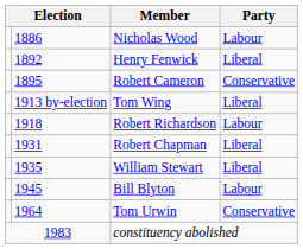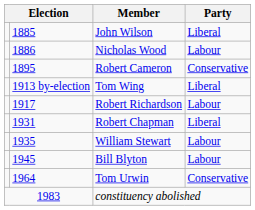 <table class="wikitable">
 <tr>
 <th colspan="2">Election</th>
 <th>Member</th>
 <th>Party</th>
 </tr>
 <tr>
 <td style="color:inherit;background-color: "></td>
+<td><a href='#'>1885</a></td>
+<td><a href='#'>John Wilson</a></td>
+<td><a href='#'>Liberal</a></td>
+</tr>
+<tr>
+<td style="color:inherit;background-color: "></td>
 <td><a href='#'>1886</a></td>
 <td><a href='#'>Nicholas Wood</a></td>
 <td><a href='#'>Labour</a></td>
-</tr>
-<tr>
-<td style="color:inherit;background-color: "></td>
-<td><a href='#'>1892</a></td>
-<td><a href='#'>Henry Fenwick</a></td>
-<td><a href='#'>Liberal</a></td>
 </tr>
 <tr>
 <td style="color:inherit;background-color: "></td>
 <td><a href='#'>1895</a></td>
 <td><a href='#'>Robert Cameron</a></td>
 <td><a href='#'>Conservative</a></td>
 </tr>
 <tr>
 <td style="color:inherit;background-color: "></td>
 <td><a href='#'>1913 by-election</a></td>
 <td><a href='#'>Tom Wing</a></td>
 <td><a href='#'>Liberal</a></td>
 </tr>
 <tr>
 <td style="color:inherit;background-color: "></td>
-<td><a href='#'>1918</a></td>
+<td><a href='#'>1917</a></td>
 <td><a href='#'>Robert Richardson</a></td>
 <td><a href='#'>Labour</a></td>
 </tr>
 <tr>
 <td style="color:inherit;background-color: "></td>
 <td><a href='#'>1931</a></td>
 <td><a href='#'>Robert Chapman</a></td>
 <td><a href='#'>Liberal</a></td>
 </tr>
 <tr>
 <td style="color:inherit;background-color: "></td>
 <td><a href='#'>1935</a></td>
 <td><a href='#'>William Stewart</a></td>
-<td><a href='#'>Liberal</a></td>
+<td><a href='#'>Labour</a></td>
 </tr>
 <tr>
 <td style="color:inherit;background-color: "></td>
 <td><a href='#'>1945</a></td>
 <td><a href='#'>Bill Blyton</a></td>
 <td><a href='#'>Labour</a></td>
 </tr>
 <tr>
 <td style="color:inherit;background-color: "></td>
 <td><a href='#'>1964</a></td>
 <td><a href='#'>Tom Urwin</a></td>
 <td><a href='#'>Conservative</a></td>
 </tr>
 <tr>
 <td colspan="2" align="center"><a href='#'>1983</a></td>
 <td colspan="2"><em>constituency abolished</em></td>
 </tr>
 </table>
